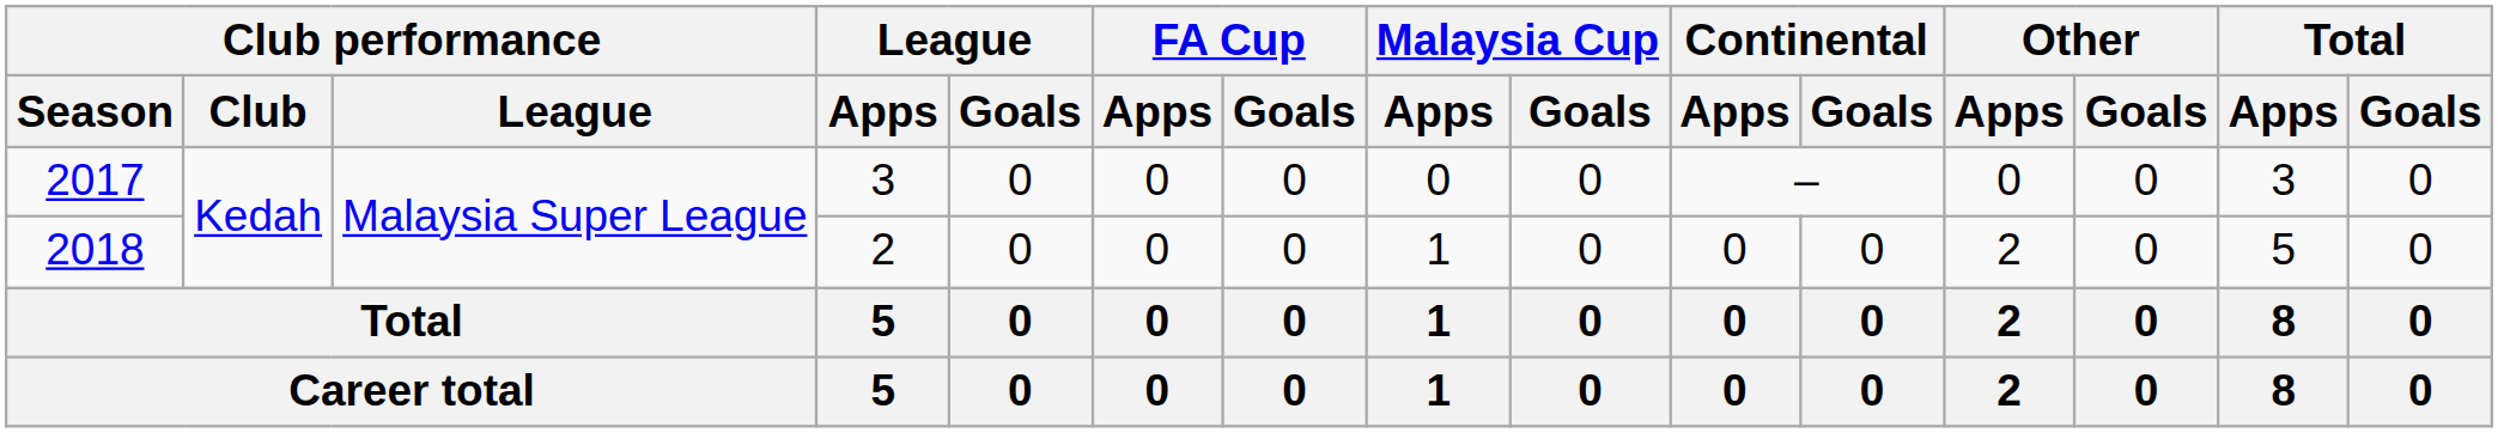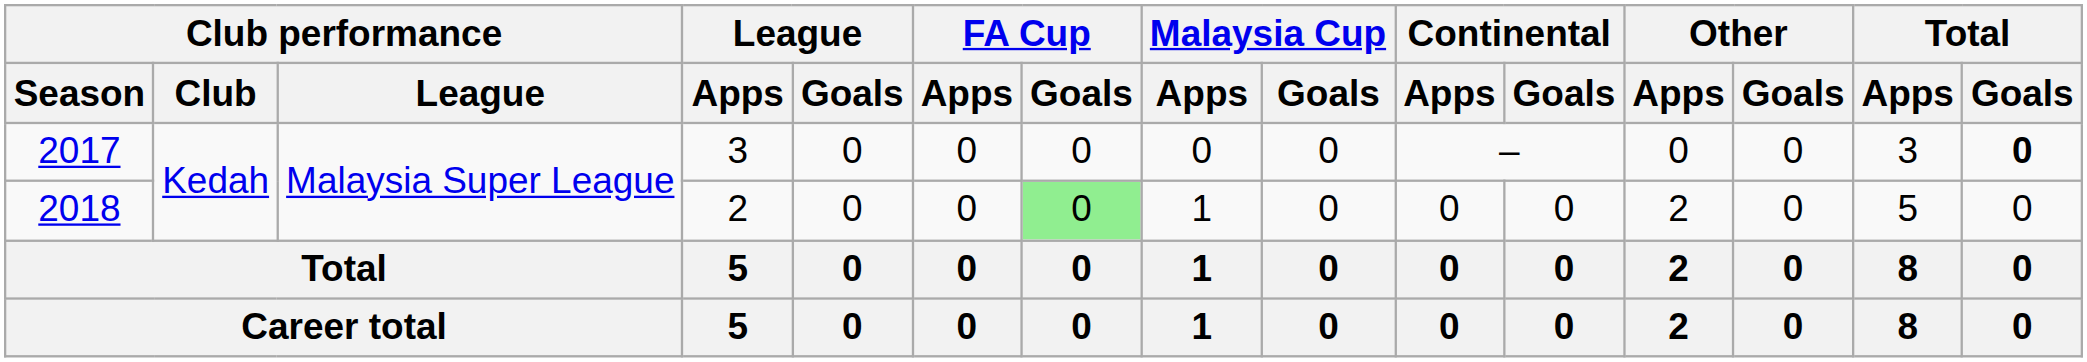 <table class=wikitable style="text-align: center;">
 <tr>
 <th colspan=3>Club performance</th>
 <th colspan=2>League</th>
 <th colspan=2><a href='#'>FA Cup</a></th>
 <th colspan=2><a href='#'>Malaysia Cup</a></th>
 <th colspan=2>Continental</th>
 <th colspan=2>Other</th>
 <th colspan=2>Total</th>
 </tr>
 <tr>
 <th>Season</th>
 <th>Club</th>
 <th>League</th>
 <th>Apps</th>
 <th>Goals</th>
 <th>Apps</th>
 <th>Goals</th>
 <th>Apps</th>
 <th>Goals</th>
 <th>Apps</th>
 <th>Goals</th>
 <th>Apps</th>
 <th>Goals</th>
 <th>Apps</th>
 <th>Goals</th>
 </tr>
 <tr>
 <td><a href='#'>2017</a></td>
 <td rowspan="2"><a href='#'>Kedah</a></td>
 <td rowspan="2"><a href='#'>Malaysia Super League</a></td>
 <td>3</td>
 <td>0</td>
 <td>0</td>
 <td>0</td>
 <td>0</td>
 <td>0</td>
 <td colspan="2">–</td>
 <td>0</td>
 <td>0</td>
 <td>3</td>
-<td>0</td>
+<td><strong>0</strong></td>
 </tr>
 <tr>
 <td><a href='#'>2018</a></td>
 <td>2</td>
 <td>0</td>
 <td>0</td>
-<td>0</td>
+<td style="background: lightgreen;">0</td>
 <td>1</td>
 <td>0</td>
 <td>0</td>
 <td>0</td>
 <td>2</td>
 <td>0</td>
 <td>5</td>
 <td>0</td>
 </tr>
 <tr>
 <th colspan=3>Total</th>
 <th>5</th>
 <th>0</th>
 <th>0</th>
 <th>0</th>
 <th>1</th>
 <th>0</th>
 <th>0</th>
 <th>0</th>
 <th>2</th>
 <th>0</th>
 <th>8</th>
 <th>0</th>
 </tr>
 <tr>
 <th colspan=3>Career total</th>
 <th>5</th>
 <th>0</th>
 <th>0</th>
 <th>0</th>
 <th>1</th>
 <th>0</th>
 <th>0</th>
 <th>0</th>
 <th>2</th>
 <th>0</th>
 <th>8</th>
 <th>0</th>
 </tr>
 </table>
